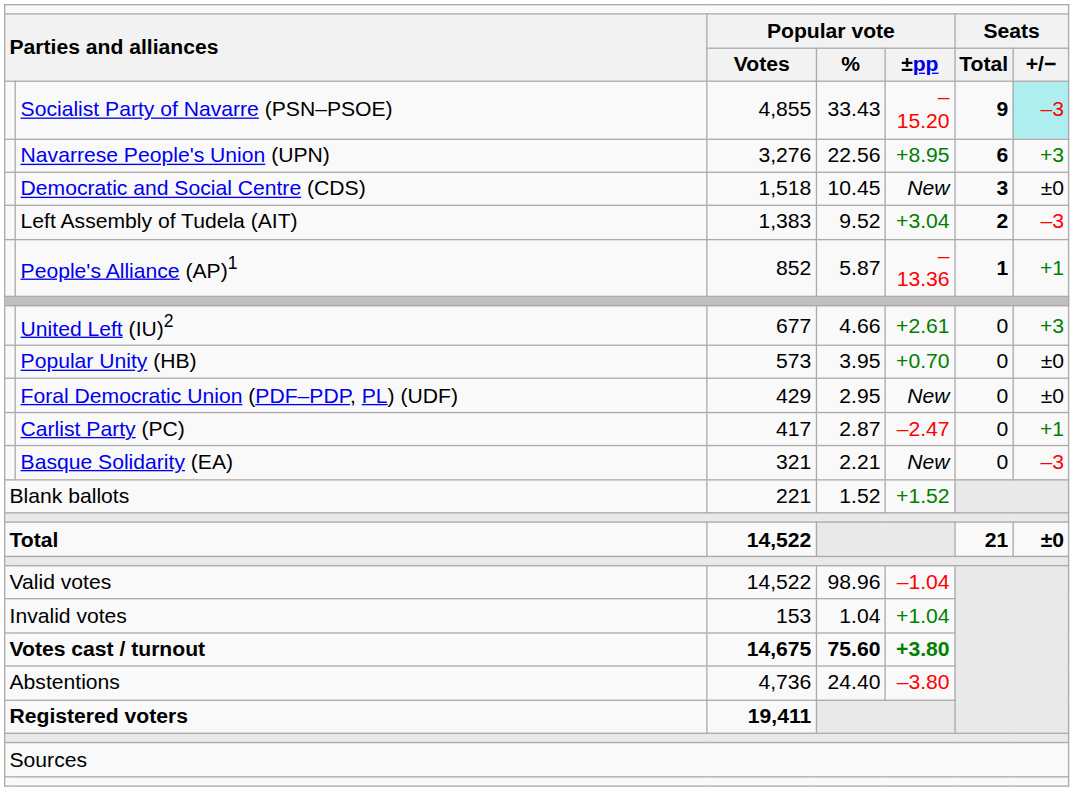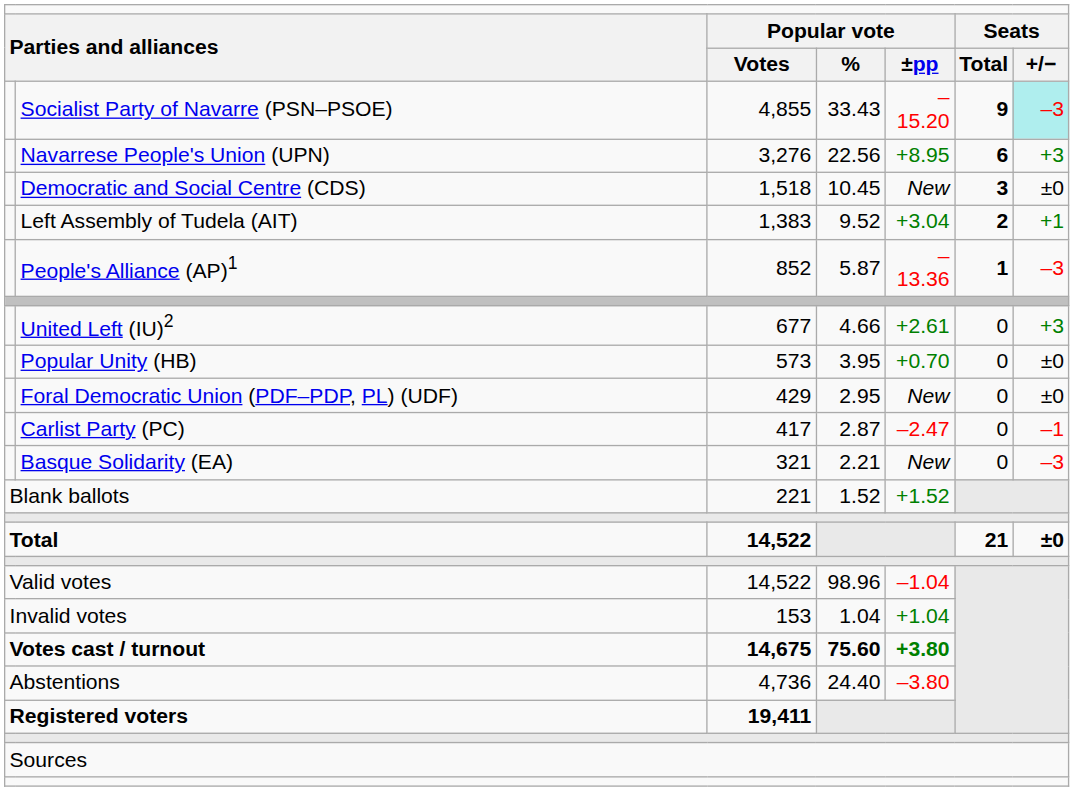 <table class="wikitable" style="text-align:right;">
 <tr>
 <td colspan="7"></td>
 </tr>
 <tr>
 <th style="text-align:left;" rowspan="2" colspan="2" width="525">Parties and alliances</th>
 <th colspan="3">Popular vote</th>
 <th colspan="2">Seats</th>
 </tr>
 <tr>
 <th width="75">Votes</th>
 <th width="45">%</th>
 <th width="45">±<a href='#'>pp</a></th>
 <th width="35">Total</th>
 <th width="35">+/−</th>
 </tr>
 <tr>
 <td width="1" style="color:inherit;background:"></td>
 <td align="left"><a href='#'>Socialist Party of Navarre</a> (PSN–PSOE)</td>
 <td>4,855</td>
 <td>33.43</td>
 <td style="color:red;">–15.20</td>
 <td><strong>9</strong></td>
 <td style="background: paleturquoise; color:red;">–3</td>
 </tr>
 <tr>
 <td style="color:inherit;background:"></td>
 <td align="left"><a href='#'>Navarrese People's Union</a> (UPN)</td>
 <td>3,276</td>
 <td>22.56</td>
 <td style="color:green;">+8.95</td>
 <td><strong>6</strong></td>
 <td style="color:green;">+3</td>
 </tr>
 <tr>
 <td style="color:inherit;background:"></td>
 <td align="left"><a href='#'>Democratic and Social Centre</a> (CDS)</td>
 <td>1,518</td>
 <td>10.45</td>
 <td><em>New</em></td>
 <td><strong>3</strong></td>
 <td>±0</td>
 </tr>
 <tr>
 <td style="color:inherit;background:"></td>
 <td align="left">Left Assembly of Tudela (AIT)</td>
 <td>1,383</td>
 <td>9.52</td>
 <td style="color:green;">+3.04</td>
 <td><strong>2</strong></td>
-<td style="color:red;">–3</td>
+<td style="color:green;">+1</td>
 </tr>
 <tr>
 <td style="color:inherit;background:"></td>
 <td align="left"><a href='#'>People's Alliance</a> (AP)<sup>1</sup></td>
 <td>852</td>
 <td>5.87</td>
 <td style="color:red;">–13.36</td>
 <td><strong>1</strong></td>
-<td style="color:green;">+1</td>
+<td style="color:red;">–3</td>
 </tr>
 <tr>
 <td colspan="7" bgcolor="#C0C0C0"></td>
 </tr>
 <tr>
 <td style="color:inherit;background:"></td>
 <td align="left"><a href='#'>United Left</a> (IU)<sup>2</sup></td>
 <td>677</td>
 <td>4.66</td>
 <td style="color:green;">+2.61</td>
 <td>0</td>
 <td style="color:green;">+3</td>
 </tr>
 <tr>
 <td style="color:inherit;background:"></td>
 <td align="left"><a href='#'>Popular Unity</a> (HB)</td>
 <td>573</td>
 <td>3.95</td>
 <td style="color:green;">+0.70</td>
 <td>0</td>
 <td>±0</td>
 </tr>
 <tr>
 <td style="color:inherit;background:"></td>
 <td align="left"><a href='#'>Foral Democratic Union</a> (<a href='#'>PDF–PDP</a>, <a href='#'>PL</a>) (UDF)</td>
 <td>429</td>
 <td>2.95</td>
 <td><em>New</em></td>
 <td>0</td>
 <td>±0</td>
 </tr>
 <tr>
 <td style="color:inherit;background:"></td>
 <td align="left"><a href='#'>Carlist Party</a> (PC)</td>
 <td>417</td>
 <td>2.87</td>
 <td style="color:red;">–2.47</td>
 <td>0</td>
-<td style="color:green;">+1</td>
+<td style="color:red;">–1</td>
 </tr>
 <tr>
 <td style="color:inherit;background:"></td>
 <td align="left"><a href='#'>Basque Solidarity</a> (EA)</td>
 <td>321</td>
 <td>2.21</td>
 <td><em>New</em></td>
 <td>0</td>
 <td style="color:red;">–3</td>
 </tr>
 <tr>
 <td align="left" colspan="2">Blank ballots</td>
 <td>221</td>
 <td>1.52</td>
 <td style="color:green;">+1.52</td>
 <td bgcolor="#E9E9E9" colspan="2"></td>
 </tr>
 <tr>
 <td colspan="7" bgcolor="#E9E9E9"></td>
 </tr>
 <tr style="font-weight:bold;">
 <td align="left" colspan="2">Total</td>
 <td>14,522</td>
 <td bgcolor="#E9E9E9" colspan="2"></td>
 <td>21</td>
 <td>±0</td>
 </tr>
 <tr>
 <td colspan="7" bgcolor="#E9E9E9"></td>
 </tr>
 <tr>
 <td align="left" colspan="2">Valid votes</td>
 <td>14,522</td>
 <td>98.96</td>
 <td style="color:red;">–1.04</td>
 <td bgcolor="#E9E9E9" colspan="2" rowspan="5"></td>
 </tr>
 <tr>
 <td align="left" colspan="2">Invalid votes</td>
 <td>153</td>
 <td>1.04</td>
 <td style="color:green;">+1.04</td>
 </tr>
 <tr style="font-weight:bold;">
 <td align="left" colspan="2">Votes cast / turnout</td>
 <td>14,675</td>
 <td>75.60</td>
 <td style="color:green;">+3.80</td>
 </tr>
 <tr>
 <td align="left" colspan="2">Abstentions</td>
 <td>4,736</td>
 <td>24.40</td>
 <td style="color:red;">–3.80</td>
 </tr>
 <tr style="font-weight:bold;">
 <td align="left" colspan="2">Registered voters</td>
 <td>19,411</td>
 <td bgcolor="#E9E9E9" colspan="2"></td>
 </tr>
 <tr>
 <td colspan="7" bgcolor="#E9E9E9"></td>
 </tr>
 <tr>
 <td align="left" colspan="7">Sources</td>
 </tr>
 <tr>
 <td colspan="7" style="text-align:left; max-width:790px;"></td>
 </tr>
 </table>
